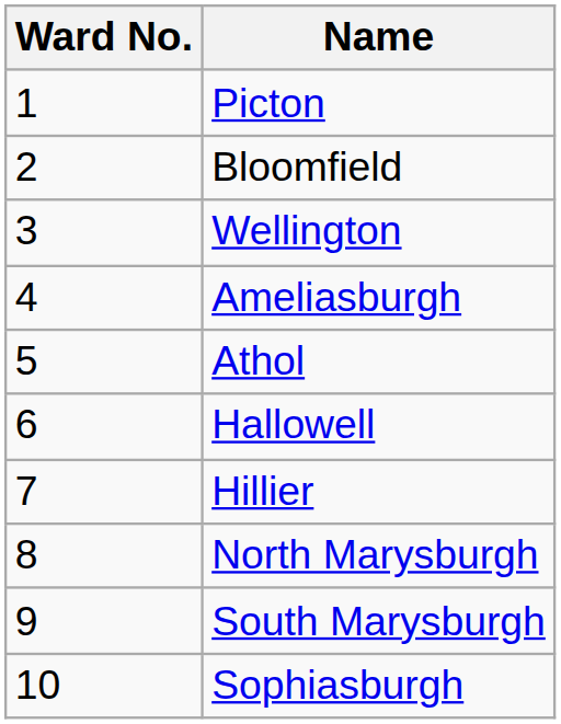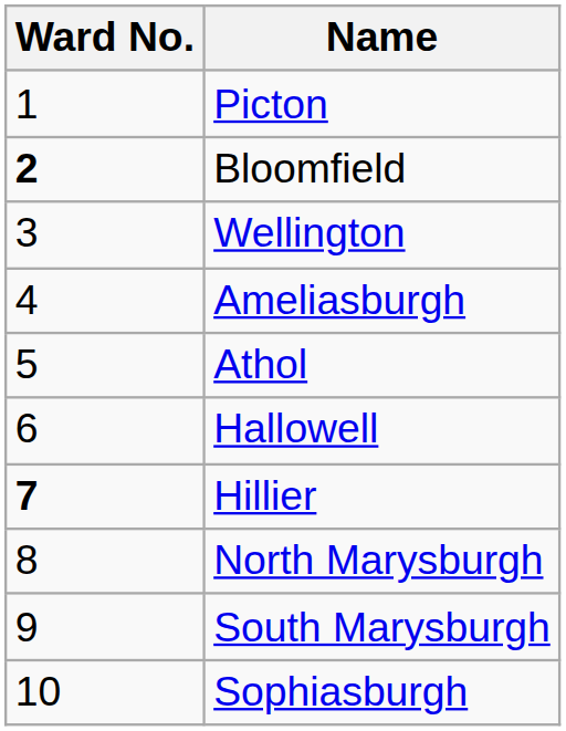 <table class="wikitable">
 <tr>
 <th>Ward No.</th>
 <th>Name</th>
 </tr>
 <tr>
 <td>1</td>
 <td><a href='#'>Picton</a></td>
 </tr>
 <tr>
-<td>2</td>
+<td><strong>2</strong></td>
 <td>Bloomfield</td>
 </tr>
 <tr>
 <td>3</td>
 <td><a href='#'>Wellington</a></td>
 </tr>
 <tr>
 <td>4</td>
 <td><a href='#'>Ameliasburgh</a></td>
 </tr>
 <tr>
 <td>5</td>
 <td><a href='#'>Athol</a></td>
 </tr>
 <tr>
 <td>6</td>
 <td><a href='#'>Hallowell</a></td>
 </tr>
 <tr>
-<td>7</td>
+<td><strong>7</strong></td>
 <td><a href='#'>Hillier</a></td>
 </tr>
 <tr>
 <td>8</td>
 <td><a href='#'>North Marysburgh</a></td>
 </tr>
 <tr>
 <td>9</td>
 <td><a href='#'>South Marysburgh</a></td>
 </tr>
 <tr>
 <td>10</td>
 <td><a href='#'>Sophiasburgh</a></td>
 </tr>
 </table>
